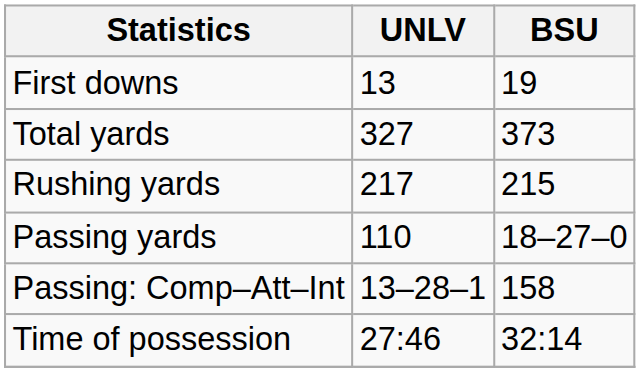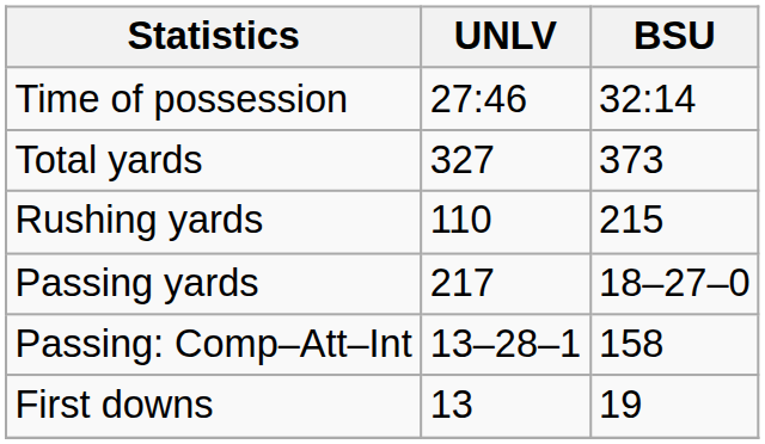 <table class="wikitable" style="float: left;">
 <tr>
 <th>Statistics</th>
 <th>UNLV</th>
 <th>BSU</th>
 </tr>
 <tr>
-<td>First downs</td>
-<td>13</td>
-<td>19</td>
+<td>Time of possession</td>
+<td>27:46</td>
+<td>32:14</td>
 </tr>
 <tr>
 <td>Total yards</td>
 <td>327</td>
 <td>373</td>
 </tr>
 <tr>
 <td>Rushing yards</td>
-<td>217</td>
+<td>110</td>
 <td>215</td>
 </tr>
 <tr>
 <td>Passing yards</td>
-<td>110</td>
+<td>217</td>
 <td>18–27–0</td>
 </tr>
 <tr>
 <td>Passing: Comp–Att–Int</td>
 <td>13–28–1</td>
 <td>158</td>
 </tr>
 <tr>
-<td>Time of possession</td>
-<td>27:46</td>
-<td>32:14</td>
+<td>First downs</td>
+<td>13</td>
+<td>19</td>
 </tr>
 <tr>
 </tr>
 </table>
